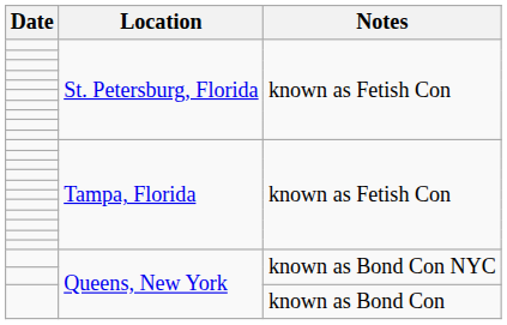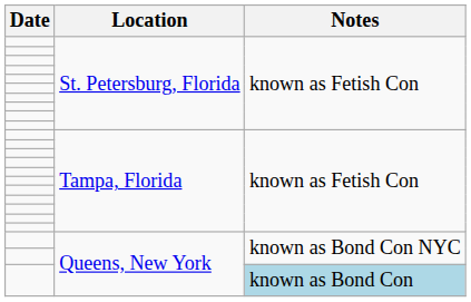 <table class="wikitable">
 <tr>
 <th>Date</th>
 <th>Location</th>
 <th>Notes</th>
 </tr>
 <tr>
 <td></td>
 <td rowspan=10><a href='#'>St. Petersburg, Florida</a></td>
 <td rowspan=10>known as Fetish Con</td>
 </tr>
 <tr>
 <td></td>
 </tr>
 <tr>
 <td></td>
 </tr>
 <tr>
 <td></td>
 </tr>
 <tr>
 <td></td>
 </tr>
 <tr>
 <td></td>
 </tr>
 <tr>
 <td></td>
 </tr>
 <tr>
 <td></td>
 </tr>
 <tr>
 <td></td>
 </tr>
 <tr>
 <td></td>
 </tr>
 <tr>
 <td></td>
 <td rowspan=11><a href='#'>Tampa, Florida</a></td>
 <td rowspan=11>known as Fetish Con</td>
 </tr>
 <tr>
 <td></td>
 </tr>
 <tr>
 <td></td>
 </tr>
 <tr>
 <td></td>
 </tr>
 <tr>
 <td></td>
 </tr>
 <tr>
 <td></td>
 </tr>
 <tr>
 <td></td>
 </tr>
 <tr>
 <td></td>
 </tr>
 <tr>
 <td></td>
 </tr>
 <tr>
 <td></td>
 </tr>
 <tr>
 <td></td>
 </tr>
 <tr>
 <td></td>
 <td rowspan=3><a href='#'>Queens, New York</a></td>
 <td rowspan=2>known as Bond Con NYC</td>
 </tr>
 <tr>
 <td></td>
 </tr>
 <tr>
 <td></td>
-<td>known as Bond Con</td>
+<td style="background: lightblue;">known as Bond Con</td>
 </tr>
 </table>
